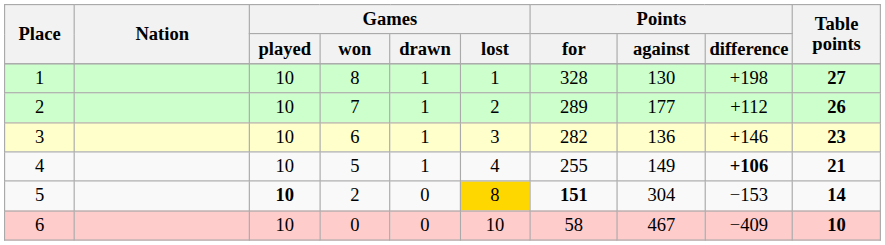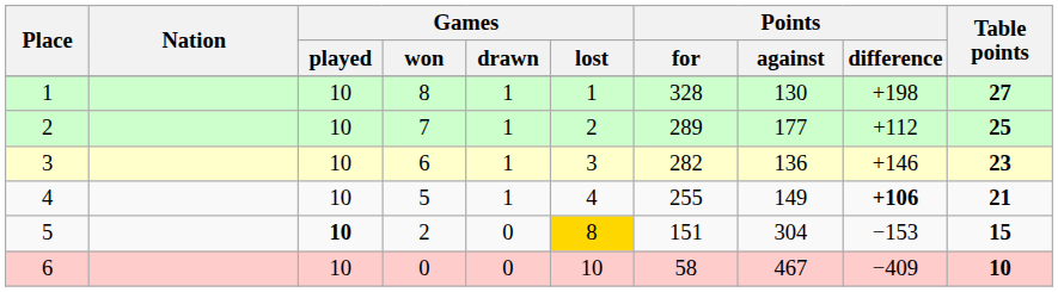 <table class="wikitable">
 <tr>
 <th rowspan=2 width="8%">Place</th>
 <th rowspan=2 width="20%">Nation</th>
 <th colspan=4 width="32%">Games</th>
 <th colspan=3 width="30%">Points</th>
 <th rowspan=2 width="10%">Table<br>points</th>
 </tr>
 <tr>
 <th width="8%">played</th>
 <th width="8%">won</th>
 <th width="8%">drawn</th>
 <th width="8%">lost</th>
 <th width="10%">for</th>
 <th width="10%">against</th>
 <th width="10%">difference</th>
 </tr>
 <tr>
 </tr>
 <tr align=center |-width=10px bgcolor="#ccffcc">
 <td>1</td>
 <td align=left></td>
 <td>10</td>
 <td>8</td>
 <td>1</td>
 <td>1</td>
 <td>328</td>
 <td>130</td>
 <td>+198</td>
 <td><strong>27</strong></td>
 </tr>
 <tr align=center |-width=10px bgcolor="#ccffcc">
 <td>2</td>
 <td align=left></td>
 <td>10</td>
 <td>7</td>
 <td>1</td>
 <td>2</td>
 <td>289</td>
 <td>177</td>
 <td>+112</td>
-<td><strong>26</strong></td>
+<td><strong>25</strong></td>
 </tr>
 <tr align=center bgcolor="#ffffcc">
 <td>3</td>
 <td align=left></td>
 <td>10</td>
 <td>6</td>
 <td>1</td>
 <td>3</td>
 <td>282</td>
 <td>136</td>
 <td>+146</td>
 <td><strong>23</strong></td>
 </tr>
 <tr align=center |-width=10px>
 <td>4</td>
 <td align=left></td>
 <td>10</td>
 <td>5</td>
 <td>1</td>
 <td>4</td>
 <td>255</td>
 <td>149</td>
 <td><strong>+106</strong></td>
 <td><strong>21</strong></td>
 </tr>
 <tr align=center |-width=10px>
 <td>5</td>
 <td align=left></td>
 <td><strong>10</strong></td>
 <td>2</td>
 <td>0</td>
 <td style="background: gold;">8</td>
-<td><strong>151</strong></td>
+<td>151</td>
 <td>304</td>
 <td>−153</td>
-<td><strong>14</strong></td>
+<td><strong>15</strong></td>
 </tr>
 <tr align=center bgcolor="#ffcccc">
 <td>6</td>
 <td align=left></td>
 <td>10</td>
 <td>0</td>
 <td>0</td>
 <td>10</td>
 <td>58</td>
 <td>467</td>
 <td>−409</td>
 <td><strong>10</strong></td>
 </tr>
 </table>
